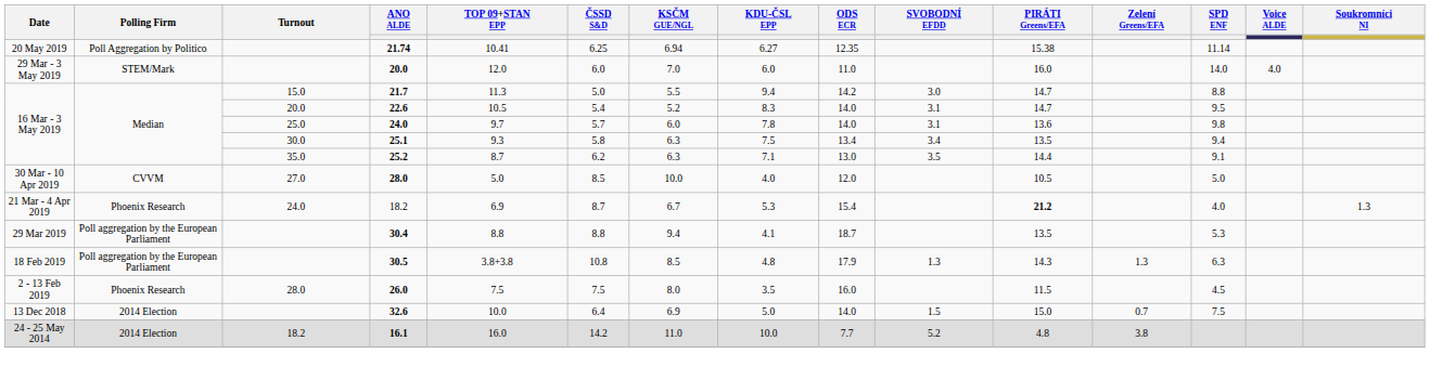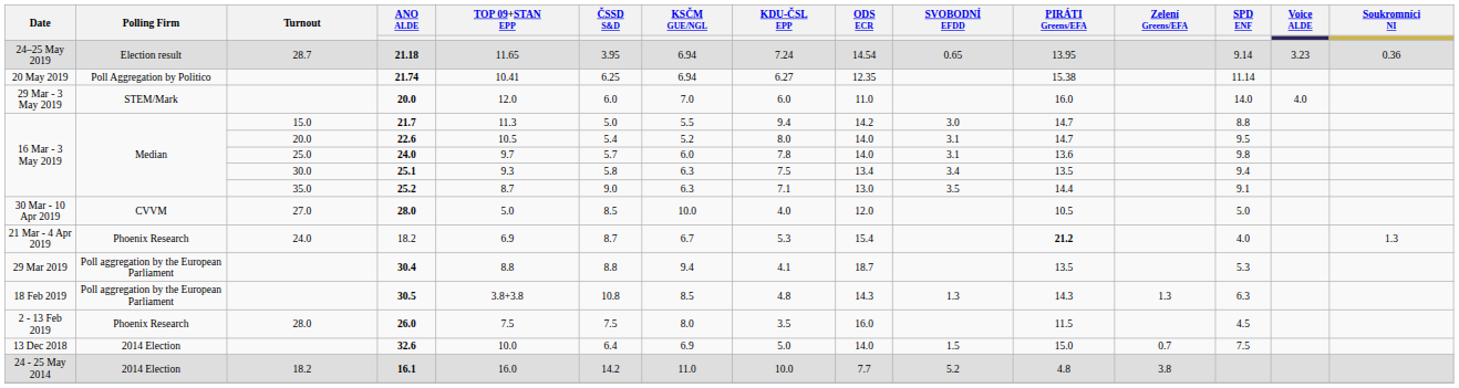 <table class="wikitable" style="text-align:center; font-size:90%; line-height:16px; width:100%">
 <tr style="height:42px;">
 <th style="width:90px;" rowspan="2">Date</th>
 <th style="width:200px;" rowspan="2">Polling Firm</th>
 <th style="width:200px;" rowspan="2">Turnout</th>
 <th><a href='#'><span>ANO</span></a><br><small><a href='#'>ALDE</a></small></th>
 <th><a href='#'><span>TOP 09</span></a>+<a href='#'><span>STAN</span></a><br><small><a href='#'>EPP</a></small></th>
 <th><a href='#'><span>ČSSD</span></a><br><small><a href='#'>S&D</a></small></th>
 <th><a href='#'><span>KSČM</span></a><br><small><a href='#'>GUE/NGL</a></small></th>
 <th><a href='#'><span>KDU-ČSL</span></a><br><small><a href='#'>EPP</a></small></th>
 <th><a href='#'><span>ODS</span></a><br><small><a href='#'>ECR</a></small></th>
 <th><a href='#'><span>SVOBODNÍ</span></a><br><small><a href='#'>EFDD</a></small></th>
 <th><a href='#'><span>PIRÁTI</span></a><br><small><a href='#'>Greens/EFA</a></small></th>
 <th><a href='#'><span>Zelení</span></a><br><small><a href='#'>Greens/EFA</a></small></th>
 <th><a href='#'><span>SPD</span></a><br><small><a href='#'>ENF</a></small></th>
 <th><a href='#'><span>Voice</span></a><br><small><a href='#'>ALDE</a></small></th>
 <th><a href='#'><span>Soukromníci</span></a><br><small><a href='#'>NI</a></small></th>
 </tr>
 <tr>
 <th style="color:inherit;background:"></th>
 <th style="color:inherit;background:"></th>
 <th style="color:inherit;background:"></th>
 <th style="color:inherit;background:"></th>
 <th style="color:inherit;background:"></th>
 <th style="color:inherit;background:"></th>
 <th style="color:inherit;background:"></th>
 <th style="color:inherit;background:"></th>
 <th style="color:inherit;background:"></th>
 <th style="color:inherit;background:"></th>
 <th style="color:inherit;background:#2B265C;"></th>
 <th style="color:inherit;background:#cdb649;"></th>
+</tr>
+<tr style="background-color:#DEDEDE;">
+<td data-sort-value="2019-05-25">24–25 May 2019</td>
+<td>Election result</td>
+<td>28.7</td>
+<td><strong>21.18</strong></td>
+<td>11.65</td>
+<td>3.95</td>
+<td>6.94</td>
+<td>7.24</td>
+<td>14.54</td>
+<td>0.65</td>
+<td>13.95</td>
+<td></td>
+<td>9.14</td>
+<td>3.23</td>
+<td>0.36</td>
 </tr>
 <tr>
 <td data-sort-value="2019-05-20">20 May 2019</td>
 <td>Poll Aggregation by Politico</td>
 <td></td>
 <td><strong>21.74</strong></td>
 <td>10.41</td>
 <td>6.25</td>
 <td>6.94</td>
 <td>6.27</td>
 <td>12.35</td>
 <td></td>
 <td>15.38</td>
 <td></td>
 <td>11.14</td>
 <td></td>
 <td></td>
 </tr>
 <tr>
 <td data-sort-value="2019-05-03">29 Mar - 3 May 2019</td>
 <td>STEM/Mark</td>
 <td></td>
 <td><strong>20.0</strong></td>
 <td>12.0</td>
 <td>6.0</td>
 <td>7.0</td>
 <td>6.0</td>
 <td>11.0</td>
 <td></td>
 <td>16.0</td>
 <td></td>
 <td>14.0</td>
 <td>4.0</td>
 <td></td>
 </tr>
 <tr>
 <td rowspan="5"; data-sort-value="2019-05-03">16 Mar - 3 May 2019</td>
 <td rowspan="5">Median</td>
 <td>15.0</td>
 <td><strong>21.7</strong></td>
 <td>11.3</td>
 <td>5.0</td>
 <td>5.5</td>
 <td>9.4</td>
 <td>14.2</td>
 <td>3.0</td>
 <td>14.7</td>
 <td></td>
 <td>8.8</td>
 <td></td>
 <td></td>
 </tr>
 <tr>
 <td>20.0</td>
 <td><strong>22.6</strong></td>
 <td>10.5</td>
 <td>5.4</td>
 <td>5.2</td>
-<td>8.3</td>
+<td>8.0</td>
 <td>14.0</td>
 <td>3.1</td>
 <td>14.7</td>
 <td></td>
 <td>9.5</td>
 <td></td>
 <td></td>
 </tr>
 <tr>
 <td>25.0</td>
 <td><strong>24.0</strong></td>
 <td>9.7</td>
 <td>5.7</td>
 <td>6.0</td>
 <td>7.8</td>
 <td>14.0</td>
 <td>3.1</td>
 <td>13.6</td>
 <td></td>
 <td>9.8</td>
 <td></td>
 <td></td>
 </tr>
 <tr>
 <td>30.0</td>
 <td><strong>25.1</strong></td>
 <td>9.3</td>
 <td>5.8</td>
 <td>6.3</td>
 <td>7.5</td>
 <td>13.4</td>
 <td>3.4</td>
 <td>13.5</td>
 <td></td>
 <td>9.4</td>
 <td></td>
 <td></td>
 </tr>
 <tr>
 <td>35.0</td>
 <td><strong>25.2</strong></td>
 <td>8.7</td>
-<td>6.2</td>
+<td>9.0</td>
 <td>6.3</td>
 <td>7.1</td>
 <td>13.0</td>
 <td>3.5</td>
 <td>14.4</td>
 <td></td>
 <td>9.1</td>
 <td></td>
 <td></td>
 </tr>
 <tr>
 <td data-sort-value="2019-04-10">30 Mar - 10 Apr 2019</td>
 <td>CVVM</td>
 <td>27.0</td>
 <td><strong>28.0</strong></td>
 <td>5.0</td>
 <td>8.5</td>
 <td>10.0</td>
 <td>4.0</td>
 <td>12.0</td>
 <td></td>
 <td>10.5</td>
 <td></td>
 <td>5.0</td>
 <td></td>
 <td></td>
 </tr>
 <tr>
 <td data-sort-value="2019-04-04">21 Mar - 4 Apr 2019</td>
 <td>Phoenix Research</td>
 <td>24.0</td>
 <td>18.2</td>
 <td>6.9</td>
 <td>8.7</td>
 <td>6.7</td>
 <td>5.3</td>
 <td>15.4</td>
 <td></td>
 <td><strong>21.2</strong></td>
 <td></td>
 <td>4.0</td>
 <td></td>
 <td>1.3</td>
 </tr>
 <tr>
 <td data-sort-value="2019-03-29">29 Mar 2019</td>
 <td>Poll aggregation by the European Parliament</td>
 <td></td>
 <td><strong>30.4</strong></td>
 <td>8.8</td>
 <td>8.8</td>
 <td>9.4</td>
 <td>4.1</td>
 <td>18.7</td>
 <td></td>
 <td>13.5</td>
 <td></td>
 <td>5.3</td>
 <td></td>
 <td></td>
 </tr>
 <tr>
 <td data-sort-value="2019-02-18">18 Feb 2019</td>
 <td>Poll aggregation by the European Parliament</td>
 <td></td>
 <td><strong>30.5</strong></td>
 <td>3.8+3.8</td>
 <td>10.8</td>
 <td>8.5</td>
 <td>4.8</td>
-<td>17.9</td>
+<td>14.3</td>
 <td>1.3</td>
 <td>14.3</td>
 <td>1.3</td>
 <td>6.3</td>
 <td></td>
 <td></td>
 </tr>
 <tr>
 <td data-sort-value="2019-02-13">2 - 13 Feb 2019</td>
 <td>Phoenix Research</td>
 <td>28.0</td>
 <td><strong>26.0</strong></td>
 <td>7.5</td>
 <td>7.5</td>
 <td>8.0</td>
 <td>3.5</td>
 <td>16.0</td>
 <td></td>
 <td>11.5</td>
 <td></td>
 <td>4.5</td>
 <td></td>
 <td></td>
 </tr>
 <tr>
 <td data-sort-value="2018-12-13">13 Dec 2018</td>
 <td>2014 Election</td>
 <td></td>
 <td><strong>32.6</strong></td>
 <td>10.0</td>
 <td>6.4</td>
 <td>6.9</td>
 <td>5.0</td>
 <td>14.0</td>
 <td>1.5</td>
 <td>15.0</td>
 <td>0.7</td>
 <td>7.5</td>
 <td></td>
 <td></td>
 </tr>
 <tr style="background-color:#DEDEDE;">
 <td data-sort-value="2014-05-25">24 - 25 May 2014</td>
 <td>2014 Election</td>
 <td>18.2</td>
 <td><strong>16.1</strong></td>
 <td>16.0</td>
 <td>14.2</td>
 <td>11.0</td>
 <td>10.0</td>
 <td>7.7</td>
 <td>5.2</td>
 <td>4.8</td>
 <td>3.8</td>
 <td></td>
 <td></td>
 <td></td>
 </tr>
 <tr>
 </tr>
 </table>
